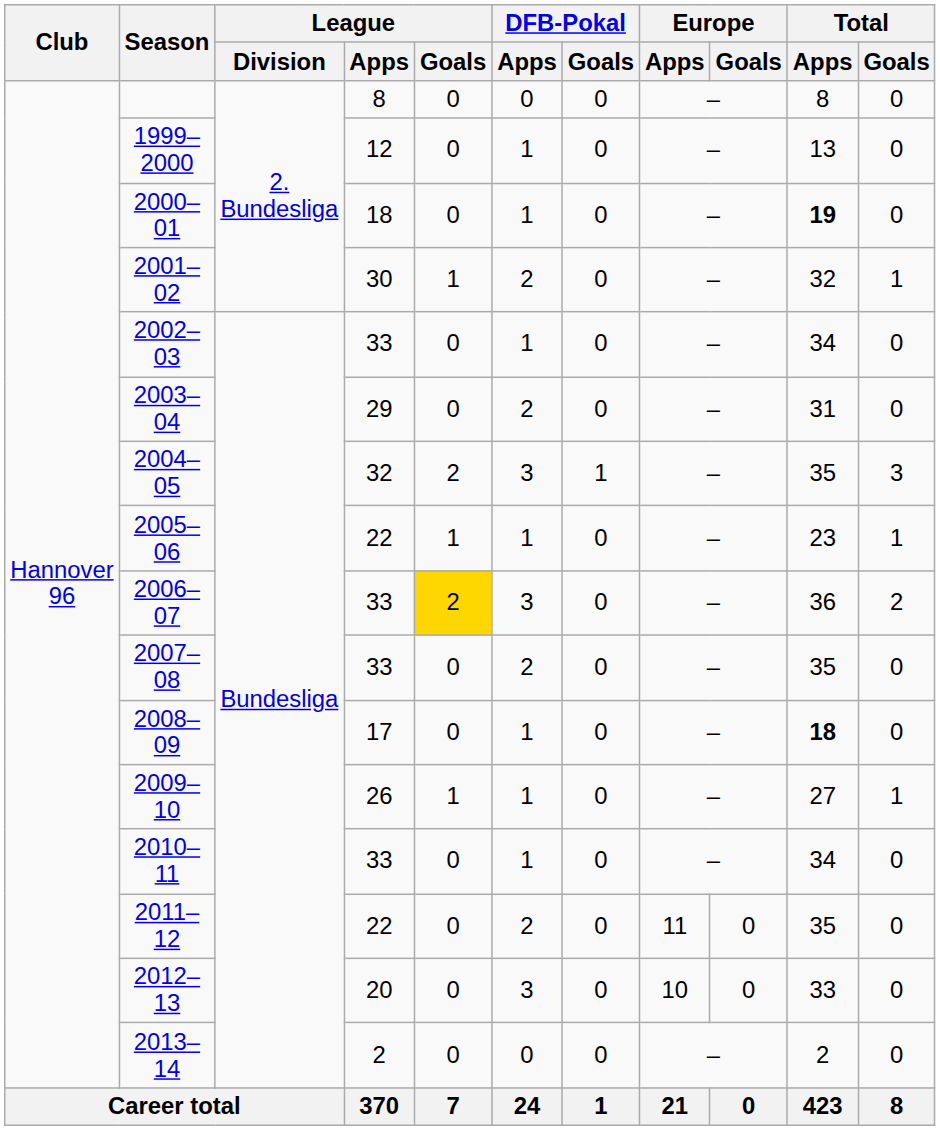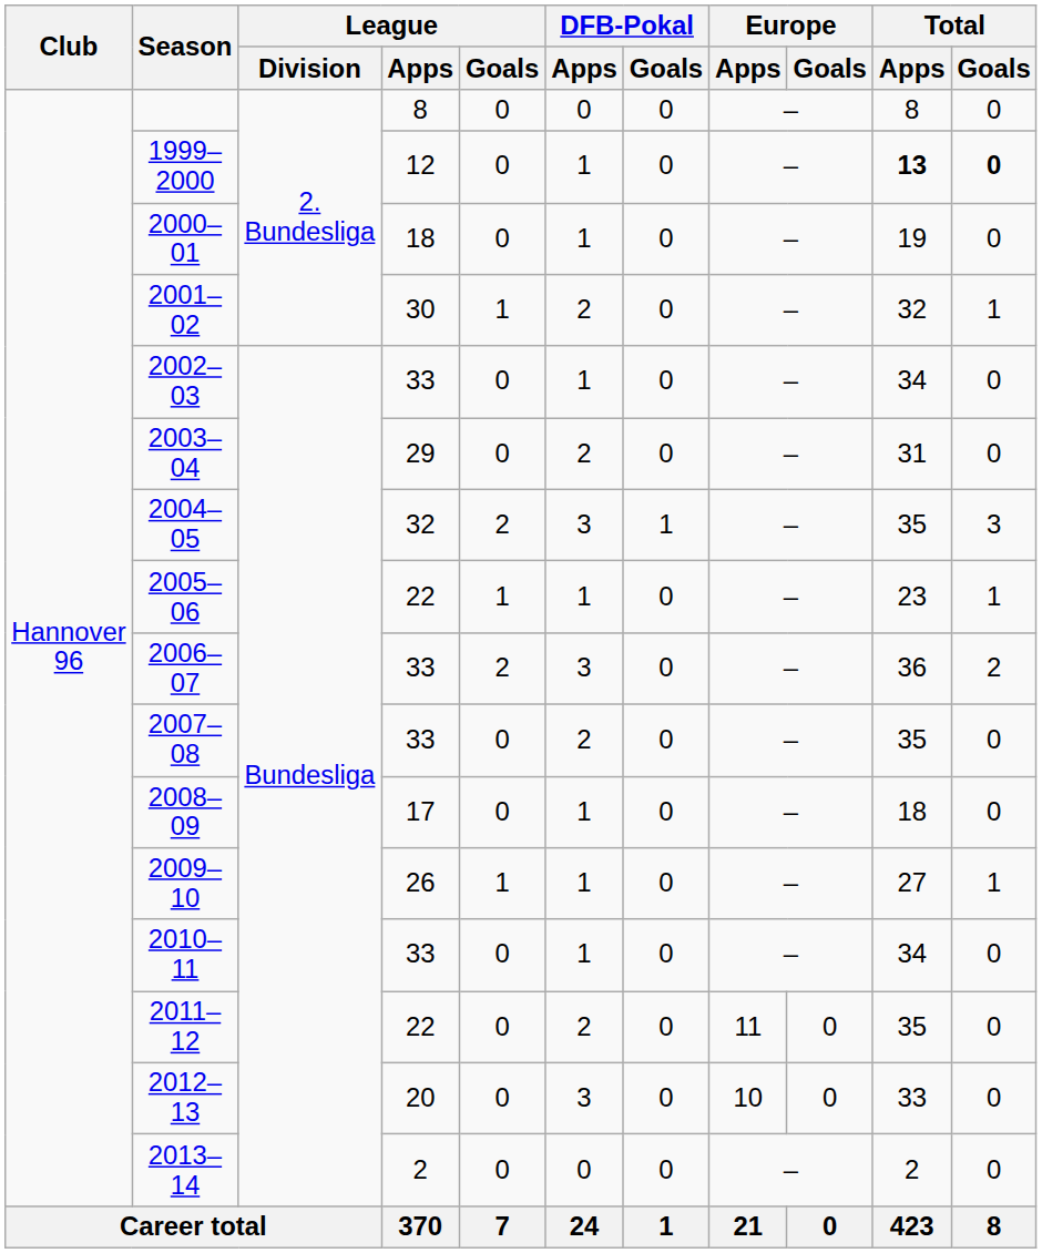 <table class="wikitable" style="text-align: center;">
 <tr>
 <th rowspan="2">Club</th>
 <th rowspan="2">Season</th>
 <th colspan="3">League</th>
 <th colspan="2"><a href='#'>DFB-Pokal</a></th>
 <th colspan="2">Europe</th>
 <th colspan="2">Total</th>
 </tr>
 <tr>
 <th>Division</th>
 <th>Apps</th>
 <th>Goals</th>
 <th>Apps</th>
 <th>Goals</th>
 <th>Apps</th>
 <th>Goals</th>
 <th>Apps</th>
 <th>Goals</th>
 </tr>
 <tr>
 <td rowspan="16"><a href='#'>Hannover 96</a></td>
 <td></td>
 <td rowspan="4"><a href='#'>2. Bundesliga</a></td>
 <td>8</td>
 <td>0</td>
 <td>0</td>
 <td>0</td>
 <td colspan="2">–</td>
 <td>8</td>
 <td>0</td>
 </tr>
 <tr>
 <td><a href='#'>1999–2000</a></td>
 <td>12</td>
 <td>0</td>
 <td>1</td>
 <td>0</td>
 <td colspan="2">–</td>
-<td>13</td>
-<td>0</td>
+<td><strong>13</strong></td>
+<td><strong>0</strong></td>
 </tr>
 <tr>
 <td><a href='#'>2000–01</a></td>
 <td>18</td>
 <td>0</td>
 <td>1</td>
 <td>0</td>
 <td colspan="2">–</td>
-<td><strong>19</strong></td>
+<td>19</td>
 <td>0</td>
 </tr>
 <tr>
 <td><a href='#'>2001–02</a></td>
 <td>30</td>
 <td>1</td>
 <td>2</td>
 <td>0</td>
 <td colspan="2">–</td>
 <td>32</td>
 <td>1</td>
 </tr>
 <tr>
 <td><a href='#'>2002–03</a></td>
 <td rowspan="12"><a href='#'>Bundesliga</a></td>
 <td>33</td>
 <td>0</td>
 <td>1</td>
 <td>0</td>
 <td colspan="2">–</td>
 <td>34</td>
 <td>0</td>
 </tr>
 <tr>
 <td><a href='#'>2003–04</a></td>
 <td>29</td>
 <td>0</td>
 <td>2</td>
 <td>0</td>
 <td colspan="2">–</td>
 <td>31</td>
 <td>0</td>
 </tr>
 <tr>
 <td><a href='#'>2004–05</a></td>
 <td>32</td>
 <td>2</td>
 <td>3</td>
 <td>1</td>
 <td colspan="2">–</td>
 <td>35</td>
 <td>3</td>
 </tr>
 <tr>
 <td><a href='#'>2005–06</a></td>
 <td>22</td>
 <td>1</td>
 <td>1</td>
 <td>0</td>
 <td colspan="2">–</td>
 <td>23</td>
 <td>1</td>
 </tr>
 <tr>
 <td><a href='#'>2006–07</a></td>
 <td>33</td>
-<td style="background: gold;">2</td>
+<td>2</td>
 <td>3</td>
 <td>0</td>
 <td colspan="2">–</td>
 <td>36</td>
 <td>2</td>
 </tr>
 <tr>
 <td><a href='#'>2007–08</a></td>
 <td>33</td>
 <td>0</td>
 <td>2</td>
 <td>0</td>
 <td colspan="2">–</td>
 <td>35</td>
 <td>0</td>
 </tr>
 <tr>
 <td><a href='#'>2008–09</a></td>
 <td>17</td>
 <td>0</td>
 <td>1</td>
 <td>0</td>
 <td colspan="2">–</td>
-<td><strong>18</strong></td>
+<td>18</td>
 <td>0</td>
 </tr>
 <tr>
 <td><a href='#'>2009–10</a></td>
 <td>26</td>
 <td>1</td>
 <td>1</td>
 <td>0</td>
 <td colspan="2">–</td>
 <td>27</td>
 <td>1</td>
 </tr>
 <tr>
 <td><a href='#'>2010–11</a></td>
 <td>33</td>
 <td>0</td>
 <td>1</td>
 <td>0</td>
 <td colspan="2">–</td>
 <td>34</td>
 <td>0</td>
 </tr>
 <tr>
 <td><a href='#'>2011–12</a></td>
 <td>22</td>
 <td>0</td>
 <td>2</td>
 <td>0</td>
 <td>11</td>
 <td>0</td>
 <td>35</td>
 <td>0</td>
 </tr>
 <tr>
 <td><a href='#'>2012–13</a></td>
 <td>20</td>
 <td>0</td>
 <td>3</td>
 <td>0</td>
 <td>10</td>
 <td>0</td>
 <td>33</td>
 <td>0</td>
 </tr>
 <tr>
 <td><a href='#'>2013–14</a></td>
 <td>2</td>
 <td>0</td>
 <td>0</td>
 <td>0</td>
 <td colspan="2">–</td>
 <td>2</td>
 <td>0</td>
 </tr>
 <tr>
 <th colspan="3">Career total</th>
 <th>370</th>
 <th>7</th>
 <th>24</th>
 <th>1</th>
 <th>21</th>
 <th>0</th>
 <th>423</th>
 <th>8</th>
 </tr>
 </table>
